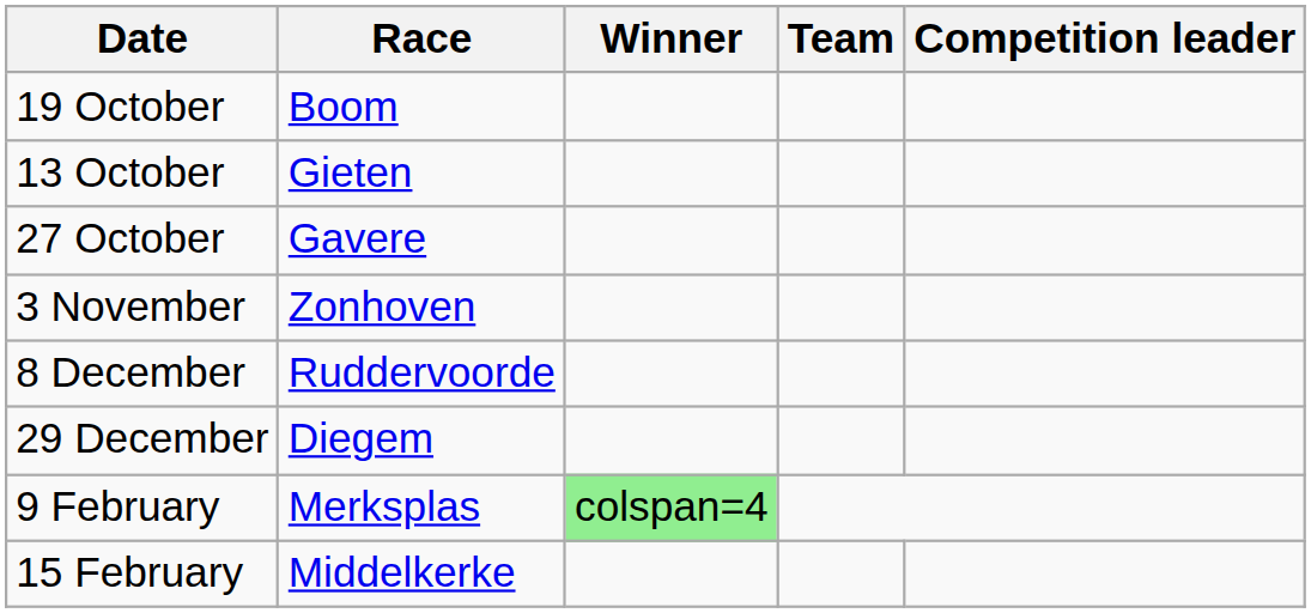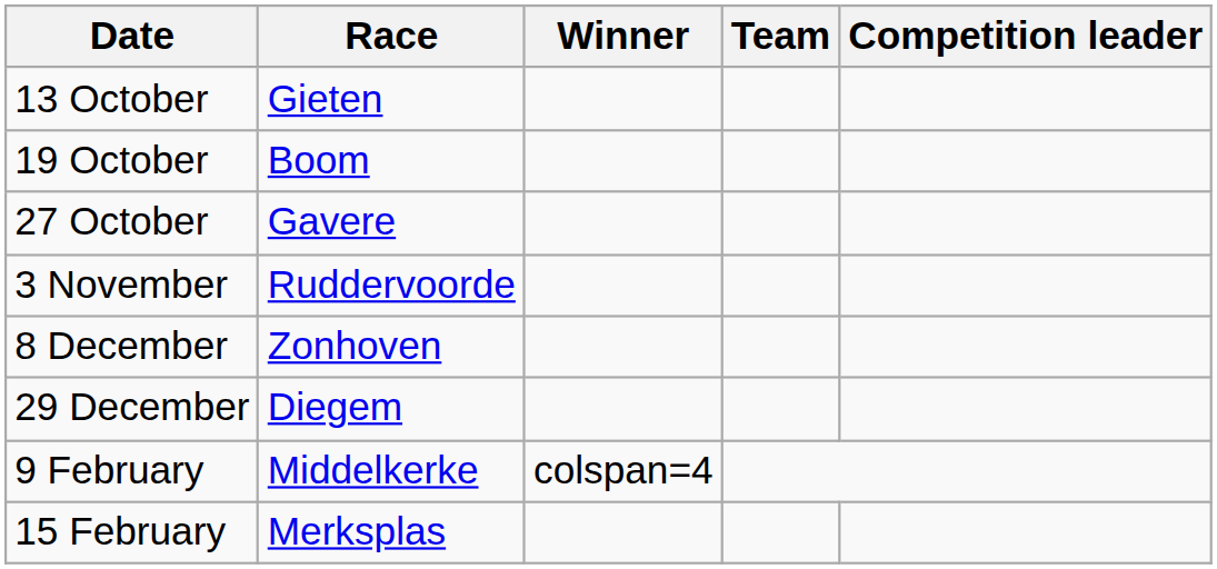 <table class="wikitable">
 <tr>
 <th>Date</th>
 <th>Race</th>
 <th>Winner</th>
 <th>Team</th>
 <th>Competition leader</th>
 </tr>
 <tr>
-<td>19 October</td>
-<td><a href='#'>Boom</a></td>
+<td>13 October</td>
+<td><a href='#'>Gieten</a></td>
 <td></td>
 <td></td>
 <td></td>
 </tr>
 <tr>
-<td>13 October</td>
-<td><a href='#'>Gieten</a></td>
+<td>19 October</td>
+<td><a href='#'>Boom</a></td>
 <td></td>
 <td></td>
 <td></td>
 </tr>
 <tr>
 <td>27 October</td>
 <td><a href='#'>Gavere</a></td>
 <td></td>
 <td></td>
 <td></td>
 </tr>
 <tr>
 <td>3 November</td>
-<td><a href='#'>Zonhoven</a></td>
+<td><a href='#'>Ruddervoorde</a></td>
 <td></td>
 <td></td>
 <td></td>
 </tr>
 <tr>
 <td>8 December</td>
-<td><a href='#'>Ruddervoorde</a></td>
+<td><a href='#'>Zonhoven</a></td>
 <td></td>
 <td></td>
 <td></td>
 </tr>
 <tr>
 <td>29 December</td>
 <td><a href='#'>Diegem</a></td>
 <td></td>
 <td></td>
 <td></td>
 </tr>
 <tr>
 <td>9 February</td>
-<td><a href='#'>Merksplas</a></td>
-<td style="background: lightgreen;">colspan=4 </td>
+<td><a href='#'>Middelkerke</a></td>
+<td>colspan=4 </td>
 </tr>
 <tr>
 <td>15 February</td>
-<td><a href='#'>Middelkerke</a></td>
+<td><a href='#'>Merksplas</a></td>
 <td></td>
 <td></td>
 <td></td>
 </tr>
 </table>
